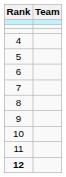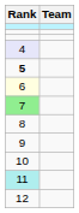 <table class=wikitable style="text-align:center;">
 <tr>
 <th>Rank</th>
 <th>Team</th>
 </tr>
 <tr bgcolor=bbf3ff>
 <td></td>
 <td align=left></td>
 </tr>
 <tr>
 <td></td>
 <td align=left></td>
 </tr>
 <tr>
 <td></td>
 <td align=left></td>
 </tr>
 <tr>
-<td>4</td>
+<td style="background: lavender;">4</td>
 <td align=left></td>
 </tr>
 <tr>
-<td>5</td>
+<td><strong>5</strong></td>
 <td align=left></td>
 </tr>
 <tr>
-<td>6</td>
+<td style="background: lightyellow;">6</td>
 <td align=left></td>
 </tr>
 <tr>
-<td>7</td>
+<td style="background: lightgreen;">7</td>
 <td align=left></td>
 </tr>
 <tr>
 <td>8</td>
 <td align=left></td>
 </tr>
 <tr>
 <td>9</td>
 <td align=left></td>
 </tr>
 <tr>
 <td>10</td>
 <td align=left></td>
 </tr>
 <tr>
-<td>11</td>
+<td style="background: paleturquoise;">11</td>
 <td align=left></td>
 </tr>
 <tr>
-<td><strong>12</strong></td>
+<td>12</td>
 <td align=left></td>
 </tr>
 </table>
